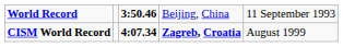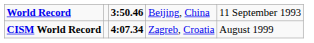 <table class="wikitable">
 <tr>
 <td><strong><a href='#'>World Record</a></strong></td>
 <td></td>
 <td><strong>3:50.46</strong></td>
 <td><a href='#'>Beijing</a>, <a href='#'>China</a></td>
 <td>11 September 1993</td>
 </tr>
 <tr>
 <td><strong><a href='#'>CISM</a> World Record</strong></td>
 <td></td>
 <td><strong>4:07.34</strong></td>
-<td><strong><a href='#'>Zagreb</a>, <a href='#'>Croatia</a></strong></td>
+<td><a href='#'>Zagreb</a>, <a href='#'>Croatia</a></td>
 <td>August 1999</td>
 </tr>
 </table>
